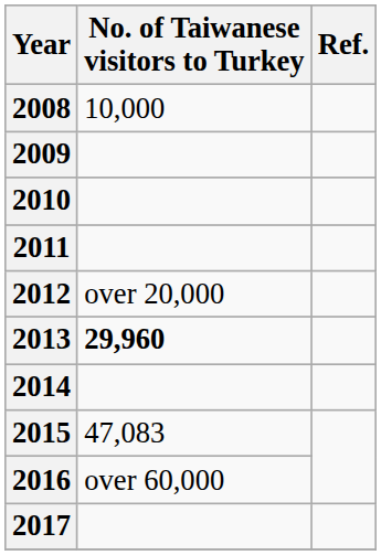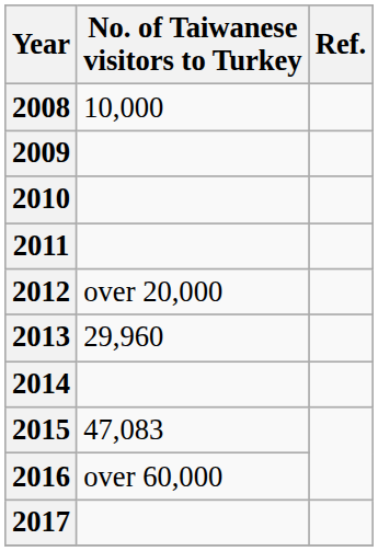 <table class=wikitable style="text-align: left;">
 <tr>
 <th>Year</th>
 <th>No. of Taiwanese <br>visitors to Turkey</th>
 <th>Ref.</th>
 </tr>
 <tr>
 <th>2008</th>
 <td>10,000</td>
 <td></td>
 </tr>
 <tr>
 <th>2009</th>
 <td></td>
 <td></td>
 </tr>
 <tr>
 <th>2010</th>
 <td></td>
 <td></td>
 </tr>
 <tr>
 <th>2011</th>
 <td></td>
 <td></td>
 </tr>
 <tr>
 <th>2012</th>
 <td>over 20,000</td>
 <td></td>
 </tr>
 <tr>
 <th>2013</th>
-<td><strong>29,960</strong></td>
+<td>29,960</td>
 <td></td>
 </tr>
 <tr>
 <th>2014</th>
 <td></td>
 <td></td>
 </tr>
 <tr>
 <th>2015</th>
 <td>47,083</td>
 <td rowspan="2"></td>
 </tr>
 <tr>
 <th>2016</th>
 <td>over 60,000</td>
 </tr>
 <tr>
 <th>2017</th>
 <td></td>
 <td></td>
 </tr>
 <tr>
 </tr>
 </table>
